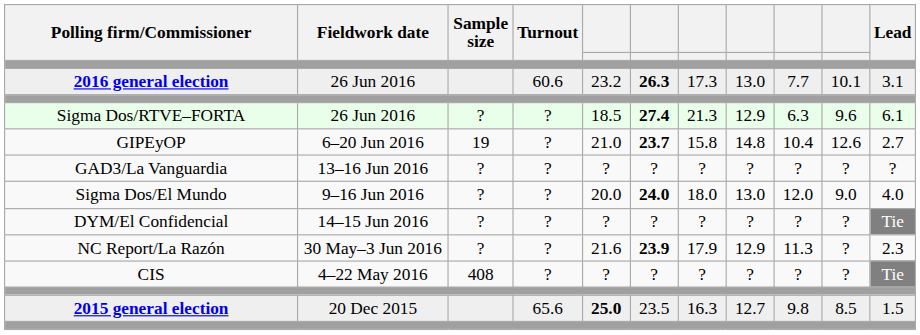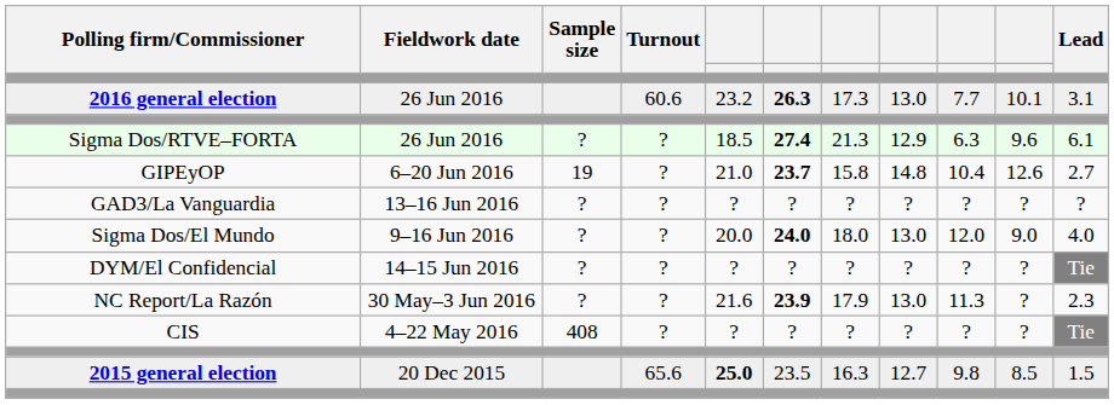 <table class="wikitable collapsible collapsed" style="text-align:center; font-size:95%; line-height:16px;">
 <tr style="height:42px; background-color:#E9E9E9">
 <th style="width:250px;" rowspan="2">Polling firm/Commissioner</th>
 <th style="width:125px;" rowspan="2">Fieldwork date</th>
 <th style="width:50px;" rowspan="2">Sample size</th>
 <th style="width:45px;" rowspan="2">Turnout</th>
 <th style="width:35px;"><br></th>
 <th style="width:35px;"></th>
 <th style="width:35px;"></th>
 <th style="width:35px;"></th>
 <th style="width:35px;"></th>
 <th style="width:35px;"></th>
 <th style="width:30px;" rowspan="2">Lead</th>
 </tr>
 <tr>
 <th style="color:inherit;background:"></th>
 <th style="color:inherit;background:"></th>
 <th style="color:inherit;background:"></th>
 <th style="color:inherit;background:"></th>
 <th style="color:inherit;background:"></th>
 <th style="color:inherit;background:"></th>
 </tr>
 <tr>
 <td colspan="12" style="background:#A0A0A0"></td>
 </tr>
 <tr style="background:#EFEFEF;">
 <td><strong><a href='#'>2016 general election</a></strong></td>
 <td>26 Jun 2016</td>
 <td></td>
 <td>60.6</td>
 <td>23.2<br></td>
 <td><strong>26.3</strong><br></td>
 <td>17.3<br></td>
 <td>13.0<br></td>
 <td>7.7<br></td>
 <td>10.1<br></td>
 <td style="background:">3.1</td>
 </tr>
 <tr>
 <td colspan="12" style="background:#A0A0A0"></td>
 </tr>
 <tr style="background:#EAFFEA;">
 <td>Sigma Dos/RTVE–FORTA</td>
 <td>26 Jun 2016</td>
 <td>?</td>
 <td>?</td>
 <td>18.5<br></td>
 <td><strong>27.4</strong><br></td>
 <td>21.3<br></td>
 <td>12.9<br></td>
 <td>6.3<br></td>
 <td>9.6<br></td>
 <td style="background:">6.1</td>
 </tr>
 <tr>
 <td>GIPEyOP</td>
 <td>6–20 Jun 2016</td>
 <td>19</td>
 <td>?</td>
 <td>21.0<br></td>
 <td><strong>23.7</strong><br></td>
 <td>15.8<br></td>
 <td>14.8<br></td>
 <td>10.4<br></td>
 <td>12.6<br></td>
 <td style="background:">2.7</td>
 </tr>
 <tr>
 <td>GAD3/La Vanguardia</td>
 <td>13–16 Jun 2016</td>
 <td>?</td>
 <td>?</td>
 <td>?<br></td>
 <td>?<br></td>
 <td>?<br></td>
 <td>?<br></td>
 <td>?<br></td>
 <td>?<br></td>
 <td style="background:">?</td>
 </tr>
 <tr>
 <td>Sigma Dos/El Mundo</td>
 <td>9–16 Jun 2016</td>
 <td>?</td>
 <td>?</td>
 <td>20.0<br></td>
 <td><strong>24.0</strong><br></td>
 <td>18.0<br></td>
 <td>13.0<br></td>
 <td>12.0<br></td>
 <td>9.0<br></td>
 <td style="background:">4.0</td>
 </tr>
 <tr>
 <td>DYM/El Confidencial</td>
 <td>14–15 Jun 2016</td>
 <td>?</td>
 <td>?</td>
 <td>?<br></td>
 <td>?<br></td>
 <td>?<br></td>
 <td>?<br></td>
 <td>?<br></td>
 <td>?<br></td>
 <td style="background:gray;color:white;">Tie</td>
 </tr>
 <tr>
 <td>NC Report/La Razón</td>
 <td>30 May–3 Jun 2016</td>
 <td>?</td>
 <td>?</td>
 <td>21.6<br></td>
 <td><strong>23.9</strong><br></td>
 <td>17.9<br></td>
-<td>12.9<br></td>
+<td>13.0<br></td>
 <td>11.3<br></td>
 <td>?<br></td>
 <td style="background:">2.3</td>
 </tr>
 <tr>
 <td>CIS</td>
 <td>4–22 May 2016</td>
 <td>408</td>
 <td>?</td>
 <td>?<br></td>
 <td>?<br></td>
 <td>?<br></td>
 <td>?<br></td>
 <td>?<br></td>
 <td>?<br></td>
 <td style="background:gray;color:white;">Tie</td>
 </tr>
 <tr>
 <td colspan="12" style="background:#A0A0A0"></td>
 </tr>
 <tr style="background:#EFEFEF;">
 <td><strong><a href='#'>2015 general election</a></strong></td>
 <td>20 Dec 2015</td>
 <td></td>
 <td>65.6</td>
 <td><strong>25.0</strong><br></td>
 <td>23.5<br></td>
 <td>16.3<br></td>
 <td>12.7<br></td>
 <td>9.8<br></td>
 <td>8.5<br></td>
 <td style="background:">1.5</td>
 </tr>
 <tr>
 <td colspan="12" style="background:#A0A0A0"></td>
 </tr>
 </table>
